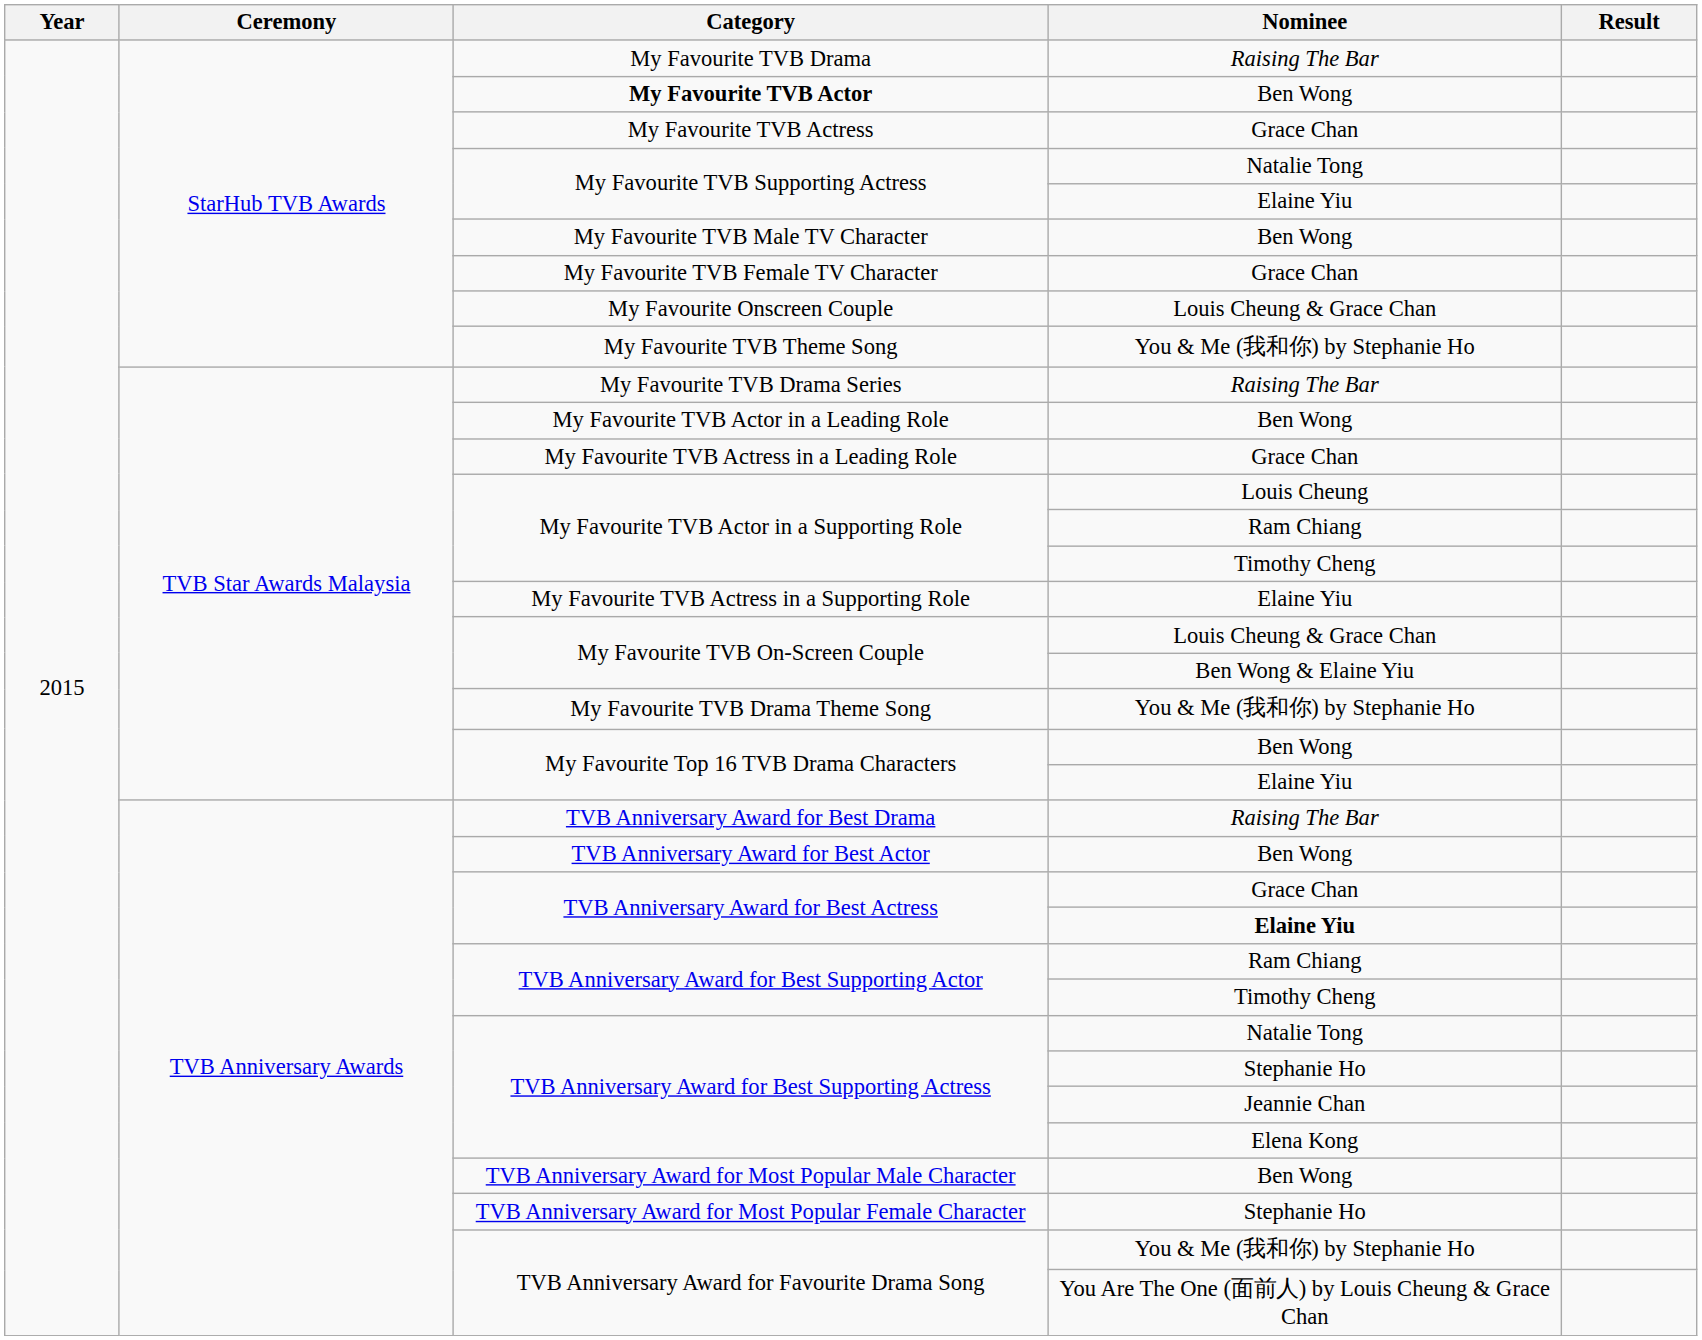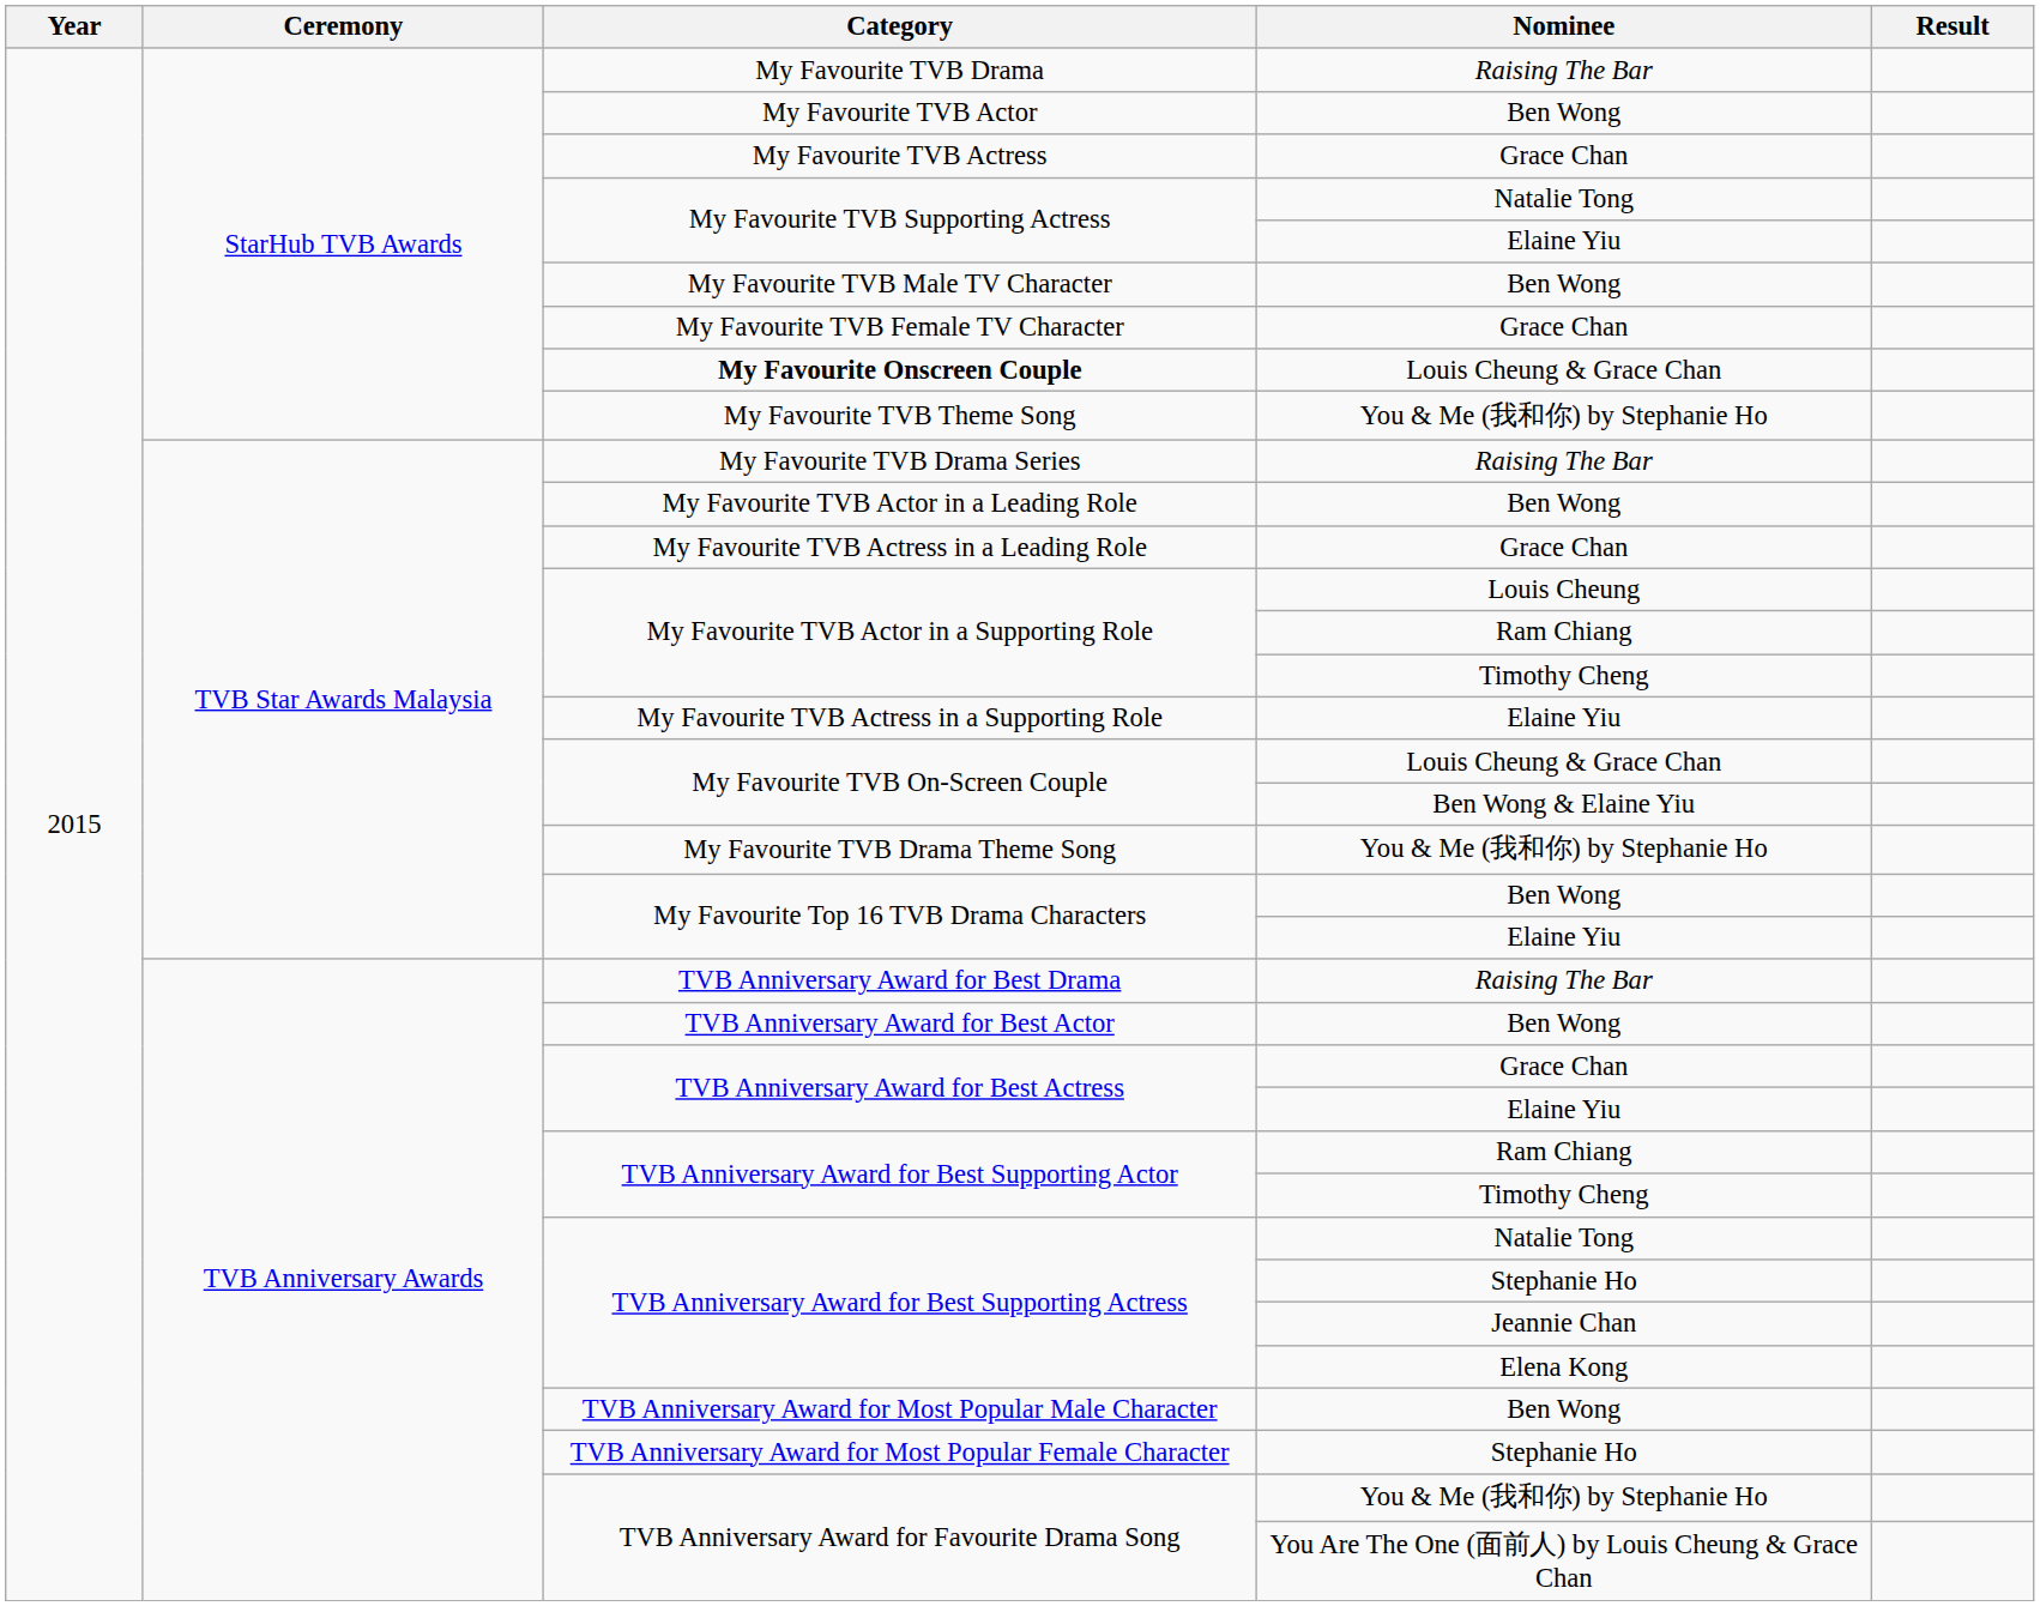 <table class="wikitable" style="width:95%;">
 <tr>
 <th style="width:50px;">Year</th>
 <th style="width:160px;">Ceremony</th>
 <th style="width:290px;">Category</th>
 <th style="width:250px;">Nominee</th>
 <th style="width:60px;">Result</th>
 </tr>
 <tr>
 <td align="center" rowspan=35>2015</td>
 <td align="center" rowspan=9><a href='#'>StarHub TVB Awards</a><br></td>
 <td align="center">My Favourite TVB Drama</td>
 <td align="center"><em>Raising The Bar</em></td>
 <td></td>
 </tr>
 <tr>
-<td align="center"><strong>My Favourite TVB Actor</strong></td>
+<td align="center">My Favourite TVB Actor</td>
 <td align="center">Ben Wong</td>
 <td></td>
 </tr>
 <tr>
 <td align="center">My Favourite TVB Actress</td>
 <td align="center">Grace Chan</td>
 <td></td>
 </tr>
 <tr>
 <td rowspan= 2 align="center">My Favourite TVB Supporting Actress</td>
 <td align="center">Natalie Tong</td>
 <td></td>
 </tr>
 <tr>
 <td align="center">Elaine Yiu</td>
 <td></td>
 </tr>
 <tr>
 <td align="center">My Favourite TVB Male TV Character</td>
 <td align="center">Ben Wong</td>
 <td></td>
 </tr>
 <tr>
 <td align="center">My Favourite TVB Female TV Character</td>
 <td align="center">Grace Chan</td>
 <td></td>
 </tr>
 <tr>
-<td align="center">My Favourite Onscreen Couple</td>
+<td align="center"><strong>My Favourite Onscreen Couple</strong></td>
 <td align="center">Louis Cheung & Grace Chan</td>
 <td></td>
 </tr>
 <tr>
 <td align="center">My Favourite TVB Theme Song</td>
 <td align="center">You & Me (我和你) by Stephanie Ho</td>
 <td></td>
 </tr>
 <tr>
 <td align="center" rowspan=12><a href='#'>TVB Star Awards Malaysia</a></td>
 <td align="center">My Favourite TVB Drama Series</td>
 <td align="center"><em>Raising The Bar</em></td>
 <td></td>
 </tr>
 <tr>
 <td align="center">My Favourite TVB Actor in a Leading Role</td>
 <td align="center">Ben Wong</td>
 <td></td>
 </tr>
 <tr>
 <td align="center">My Favourite TVB Actress in a Leading Role</td>
 <td align="center">Grace Chan</td>
 <td></td>
 </tr>
 <tr>
 <td rowspan= 3 align="center">My Favourite TVB Actor in a Supporting Role</td>
 <td align="center">Louis Cheung</td>
 <td></td>
 </tr>
 <tr>
 <td align="center">Ram Chiang</td>
 <td></td>
 </tr>
 <tr>
 <td align="center">Timothy Cheng</td>
 <td></td>
 </tr>
 <tr>
 <td align="center">My Favourite TVB Actress in a Supporting Role</td>
 <td align="center">Elaine Yiu</td>
 <td></td>
 </tr>
 <tr>
 <td rowspan= 2 align="center">My Favourite TVB On-Screen Couple</td>
 <td align="center">Louis Cheung & Grace Chan</td>
 <td></td>
 </tr>
 <tr>
 <td align="center">Ben Wong & Elaine Yiu</td>
 <td></td>
 </tr>
 <tr>
 <td align="center">My Favourite TVB Drama Theme Song</td>
 <td align="center">You & Me (我和你) by Stephanie Ho</td>
 <td></td>
 </tr>
 <tr>
 <td rowspan= 2 align="center">My Favourite Top 16 TVB Drama Characters</td>
 <td align="center">Ben Wong</td>
 <td></td>
 </tr>
 <tr>
 <td align="center">Elaine Yiu</td>
 <td></td>
 </tr>
 <tr>
 <td align="center" rowspan=14><a href='#'>TVB Anniversary Awards</a></td>
 <td align="center"><a href='#'>TVB Anniversary Award for Best Drama</a></td>
 <td align="center"><em>Raising The Bar</em></td>
 <td></td>
 </tr>
 <tr>
 <td align="center"><a href='#'>TVB Anniversary Award for Best Actor</a></td>
 <td align="center">Ben Wong</td>
 <td></td>
 </tr>
 <tr>
 <td rowspan= 2 align="center"><a href='#'>TVB Anniversary Award for Best Actress</a></td>
 <td align="center">Grace Chan</td>
 <td></td>
 </tr>
 <tr>
-<td align="center"><strong>Elaine Yiu</strong></td>
+<td align="center">Elaine Yiu</td>
 <td></td>
 </tr>
 <tr>
 <td rowspan= 2 align="center"><a href='#'>TVB Anniversary Award for Best Supporting Actor</a></td>
 <td align="center">Ram Chiang</td>
 <td></td>
 </tr>
 <tr>
 <td align="center">Timothy Cheng</td>
 <td></td>
 </tr>
 <tr>
 <td rowspan= 4 align="center"><a href='#'>TVB Anniversary Award for Best Supporting Actress</a></td>
 <td align="center">Natalie Tong</td>
 <td></td>
 </tr>
 <tr>
 <td align="center">Stephanie Ho</td>
 <td></td>
 </tr>
 <tr>
 <td align="center">Jeannie Chan</td>
 <td></td>
 </tr>
 <tr>
 <td align="center">Elena Kong</td>
 <td></td>
 </tr>
 <tr>
 <td align="center"><a href='#'>TVB Anniversary Award for Most Popular Male Character</a></td>
 <td align="center">Ben Wong</td>
 <td></td>
 </tr>
 <tr>
 <td align="center"><a href='#'>TVB Anniversary Award for Most Popular Female Character</a></td>
 <td align="center">Stephanie Ho</td>
 <td></td>
 </tr>
 <tr>
 <td rowspan= 2 align="center">TVB Anniversary Award for Favourite Drama Song</td>
 <td align="center">You & Me (我和你) by Stephanie Ho</td>
 <td></td>
 </tr>
 <tr>
 <td align="center">You Are The One (面前人) by Louis Cheung & Grace Chan</td>
 <td></td>
 </tr>
 </table>
